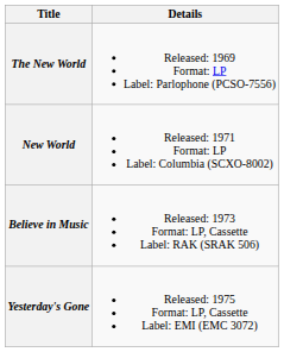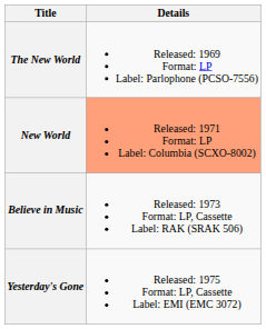 <table class="wikitable plainrowheaders" style="text-align:center;" border="1">
 <tr>
 <th>Title</th>
 <th>Details</th>
 </tr>
 <tr>
 <th scope="row"><em>The New World</em></th>
 <td><br><ul><li>Released: 1969</li><li>Format: <a href='#'>LP</a></li><li>Label: Parlophone (PCSO-7556)</li></ul></td>
 </tr>
 <tr>
 <th scope="row"><em>New World</em></th>
-<td><br><ul><li>Released: 1971</li><li>Format: LP</li><li>Label: Columbia (SCXO-8002)</li></ul></td>
+<td style="background: lightsalmon;"><br><ul><li>Released: 1971</li><li>Format: LP</li><li>Label: Columbia (SCXO-8002)</li></ul></td>
 </tr>
 <tr>
 <th scope="row"><em>Believe in Music</em></th>
 <td><br><ul><li>Released: 1973</li><li>Format: LP, Cassette</li><li>Label: RAK (SRAK 506)</li></ul></td>
 </tr>
 <tr>
 <th scope="row"><em>Yesterday's Gone</em></th>
 <td><br><ul><li>Released: 1975</li><li>Format: LP, Cassette</li><li>Label: EMI (EMC 3072)</li></ul></td>
 </tr>
 </table>
